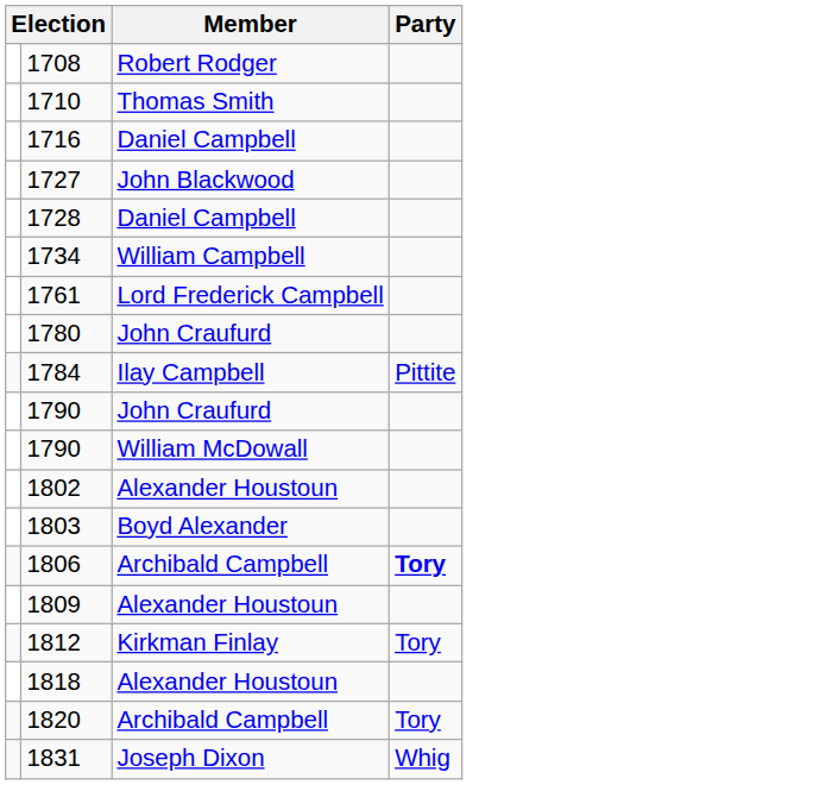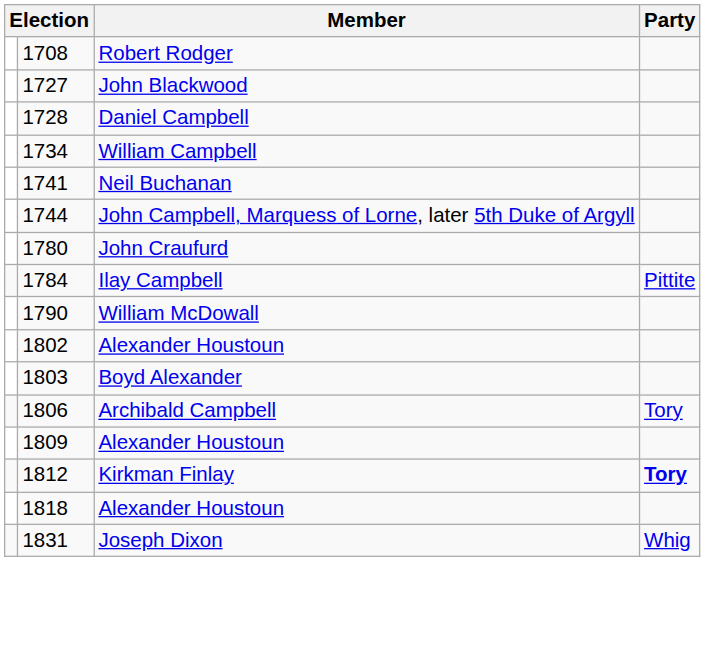 <table class = "wikitable">
 <tr>
 <th colspan="2">Election</th>
 <th>Member</th>
 <th>Party</th>
 </tr>
 <tr>
 <td style="color:inherit;background: white"></td>
 <td>1708</td>
 <td><a href='#'>Robert Rodger</a></td>
-<td></td>
-</tr>
-<tr>
-<td style="color:inherit;background: white"></td>
-<td>1710</td>
-<td><a href='#'>Thomas Smith</a></td>
-<td></td>
-</tr>
-<tr>
-<td style="color:inherit;background: white"></td>
-<td>1716</td>
-<td><a href='#'>Daniel Campbell</a></td>
 <td></td>
 </tr>
 <tr>
 <td style="color:inherit;background: white"></td>
 <td>1727</td>
 <td><a href='#'>John Blackwood</a></td>
 <td></td>
 </tr>
 <tr>
 <td style="color:inherit;background: white"></td>
 <td>1728</td>
 <td><a href='#'>Daniel Campbell</a></td>
 <td></td>
 </tr>
 <tr>
 <td style="color:inherit;background: white"></td>
 <td>1734</td>
 <td><a href='#'>William Campbell</a></td>
 <td></td>
 </tr>
 <tr>
 <td style="color:inherit;background: white"></td>
-<td>1761</td>
-<td><a href='#'>Lord Frederick Campbell</a></td>
+<td>1741</td>
+<td><a href='#'>Neil Buchanan</a></td>
+<td></td>
+</tr>
+<tr>
+<td style="color:inherit;background: white"></td>
+<td>1744</td>
+<td><a href='#'>John Campbell, Marquess of Lorne</a>, later <a href='#'>5th Duke of Argyll</a></td>
 <td></td>
 </tr>
 <tr>
 <td style="color:inherit;background: white"></td>
 <td>1780</td>
 <td><a href='#'>John Craufurd</a></td>
 <td></td>
 </tr>
 <tr>
 <td style="color:inherit;background-color: "></td>
 <td>1784</td>
 <td><a href='#'>Ilay Campbell</a></td>
 <td><a href='#'>Pittite</a></td>
-</tr>
-<tr>
-<td style="color:inherit;background: white"></td>
-<td>1790</td>
-<td><a href='#'>John Craufurd</a></td>
-<td></td>
 </tr>
 <tr>
 <td style="color:inherit;background: white"></td>
 <td>1790</td>
 <td><a href='#'>William McDowall</a></td>
 <td></td>
 </tr>
 <tr>
 <td style="color:inherit;background: white"></td>
 <td>1802</td>
 <td><a href='#'>Alexander Houstoun</a></td>
 <td></td>
 </tr>
 <tr>
 <td style="color:inherit;background: white"></td>
 <td>1803</td>
 <td><a href='#'>Boyd Alexander</a></td>
 <td></td>
 </tr>
 <tr>
 <td style="color:inherit;background-color: "></td>
 <td>1806</td>
 <td><a href='#'>Archibald Campbell</a></td>
-<td><strong><a href='#'>Tory</a></strong></td>
+<td><a href='#'>Tory</a></td>
 </tr>
 <tr>
 <td style="color:inherit;background: white"></td>
 <td>1809</td>
 <td><a href='#'>Alexander Houstoun</a></td>
 <td></td>
 </tr>
 <tr>
 <td style="color:inherit;background-color: "></td>
 <td>1812</td>
 <td><a href='#'>Kirkman Finlay</a></td>
-<td><a href='#'>Tory</a></td>
+<td><strong><a href='#'>Tory</a></strong></td>
 </tr>
 <tr>
 <td style="color:inherit;background: white"></td>
 <td>1818</td>
 <td><a href='#'>Alexander Houstoun</a></td>
 <td></td>
 </tr>
 <tr>
 <td style="color:inherit;background-color: "></td>
-<td>1820</td>
-<td><a href='#'>Archibald Campbell</a></td>
-<td><a href='#'>Tory</a></td>
-</tr>
-<tr>
-<td style="color:inherit;background-color: "></td>
 <td>1831</td>
 <td><a href='#'>Joseph Dixon</a></td>
 <td><a href='#'>Whig</a></td>
 </tr>
 </table>
